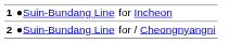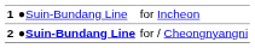 <table border="1" cellspacing="0" cellpadding="3" frame="hsides" rules="rows">
 <tr>
 <th>1</th>
 <td><span>●</span><a href='#'>Suin-Bundang Line</a></td>
 <td>for <a href='#'>Incheon</a></td>
 </tr>
 <tr>
 <th>2</th>
-<td><span>●</span><a href='#'>Suin-Bundang Line</a></td>
+<td><strong><span>●</span><a href='#'>Suin-Bundang Line</a></strong></td>
 <td>for  / <a href='#'>Cheongnyangni</a></td>
 </tr>
 <tr>
 </tr>
 </table>
